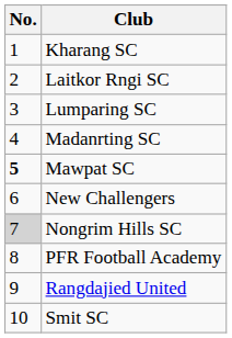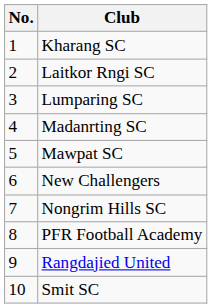 <table class="wikitable">
 <tr>
 <th>No.</th>
 <th>Club</th>
 </tr>
 <tr>
 <td>1</td>
 <td>Kharang SC</td>
 </tr>
 <tr>
 <td>2</td>
 <td>Laitkor Rngi SC</td>
 </tr>
 <tr>
 <td>3</td>
 <td>Lumparing SC</td>
 </tr>
 <tr>
 <td>4</td>
 <td>Madanrting SC</td>
 </tr>
 <tr>
-<td><strong>5</strong></td>
+<td>5</td>
 <td>Mawpat SC</td>
 </tr>
 <tr>
 <td>6</td>
 <td>New Challengers</td>
 </tr>
 <tr>
-<td style="background: lightgrey;">7</td>
+<td>7</td>
 <td>Nongrim Hills SC</td>
 </tr>
 <tr>
 <td>8</td>
 <td>PFR Football Academy</td>
 </tr>
 <tr>
 <td>9</td>
 <td><a href='#'>Rangdajied United</a></td>
 </tr>
 <tr>
 <td>10</td>
 <td>Smit SC</td>
 </tr>
 </table>
